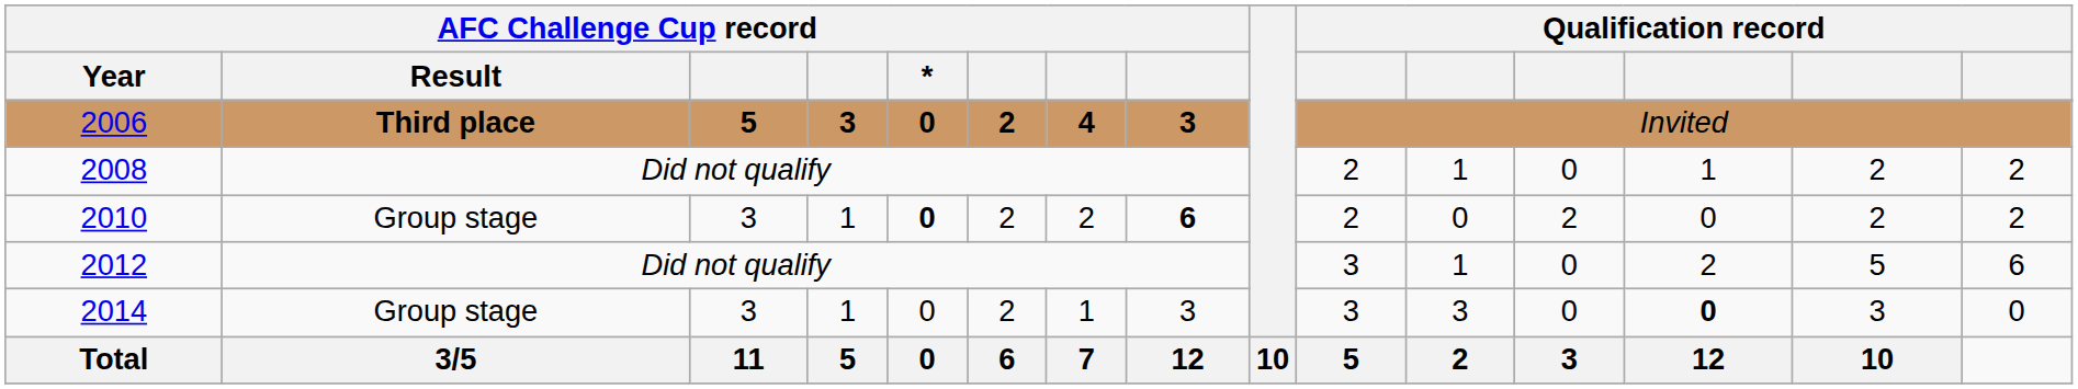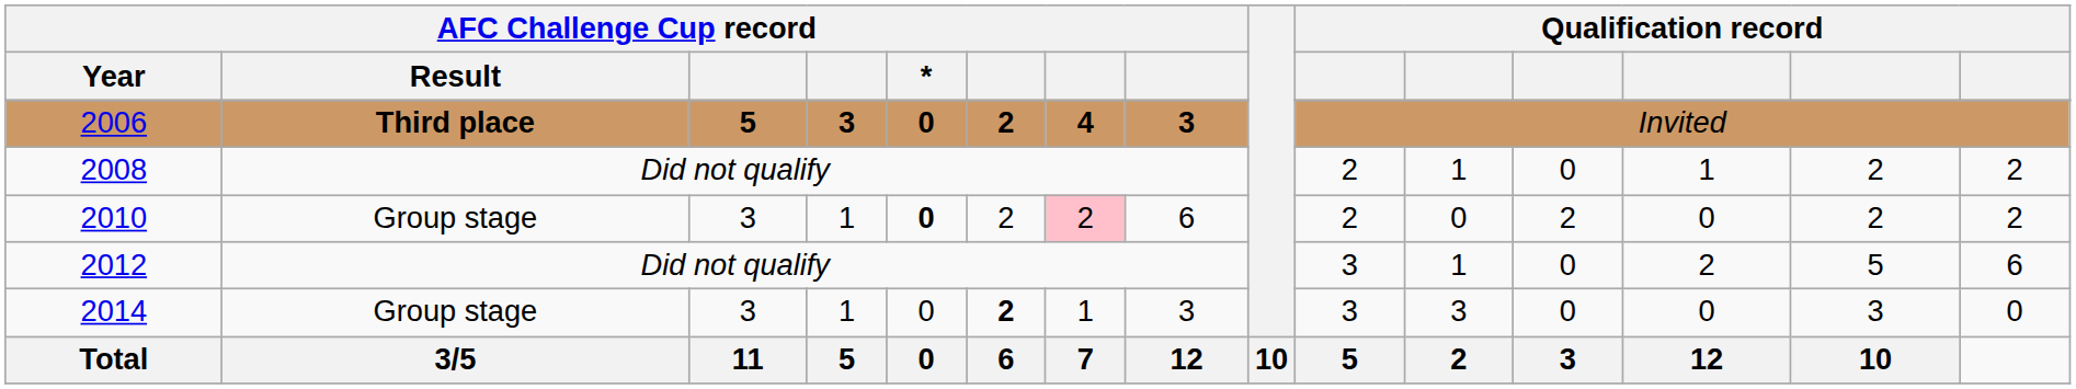 <table class="wikitable" style="text-align: center;" width=70%>
 <tr>
 <th colspan=8><a href='#'>AFC Challenge Cup</a> record</th>
 <th width=1% rowspan=8></th>
 <th colspan=6>Qualification record</th>
 </tr>
 <tr>
 <th>Year</th>
 <th>Result</th>
 <th></th>
 <th></th>
 <th>*</th>
 <th></th>
 <th></th>
 <th></th>
 <th></th>
 <th></th>
 <th></th>
 <th></th>
 <th></th>
 <th></th>
 </tr>
 <tr>
 </tr>
 <tr bgcolor=#cc9966>
 <td> <a href='#'>2006</a></td>
 <td><strong>Third place</strong></td>
 <td><strong>5</strong></td>
 <td><strong>3</strong></td>
 <td><strong>0</strong></td>
 <td><strong>2</strong></td>
 <td><strong>4</strong></td>
 <td><strong>3</strong></td>
 <td colspan=7><em>Invited</em></td>
 </tr>
 <tr bgcolor=>
 <td> <a href='#'>2008</a></td>
 <td colspan=7><em>Did not qualify</em></td>
 <td>2</td>
 <td>1</td>
 <td>0</td>
 <td>1</td>
 <td>2</td>
 <td>2</td>
 </tr>
 <tr>
 <td> <a href='#'>2010</a></td>
 <td>Group stage</td>
 <td>3</td>
 <td>1</td>
 <td><strong>0</strong></td>
 <td>2</td>
-<td>2</td>
-<td><strong>6</strong></td>
+<td style="background: pink;">2</td>
+<td>6</td>
 <td>2</td>
 <td>0</td>
 <td>2</td>
 <td>0</td>
 <td>2</td>
 <td>2</td>
 </tr>
 <tr>
 <td> <a href='#'>2012</a></td>
 <td colspan=7><em>Did not qualify</em></td>
 <td>3</td>
 <td>1</td>
 <td>0</td>
 <td>2</td>
 <td>5</td>
 <td>6</td>
 </tr>
 <tr>
 <td> <a href='#'>2014</a></td>
 <td>Group stage</td>
 <td>3</td>
 <td>1</td>
 <td>0</td>
-<td>2</td>
+<td><strong>2</strong></td>
 <td>1</td>
 <td>3</td>
 <td>3</td>
 <td>3</td>
 <td>0</td>
-<td><strong>0</strong></td>
+<td>0</td>
 <td>3</td>
 <td>0</td>
 </tr>
 <tr>
 <th>Total</th>
 <th>3/5</th>
 <th>11</th>
 <th>5</th>
 <th>0</th>
 <th>6</th>
 <th>7</th>
 <th>12</th>
 <th>10</th>
 <th>5</th>
 <th>2</th>
 <th>3</th>
 <th>12</th>
 <th>10</th>
 </tr>
 </table>
